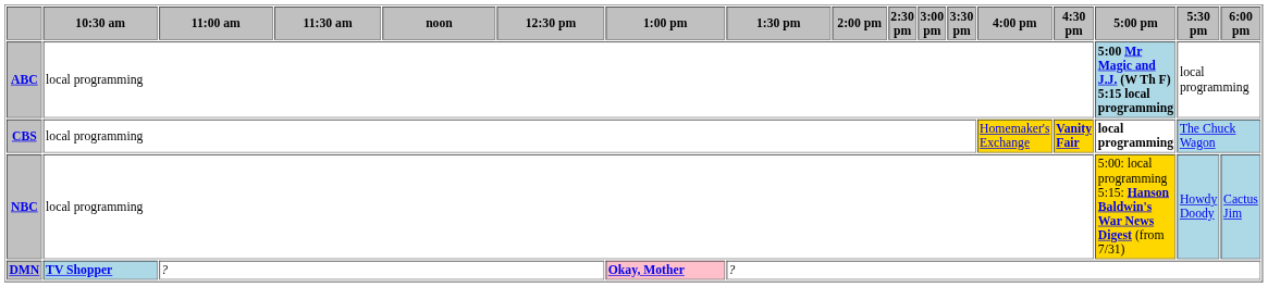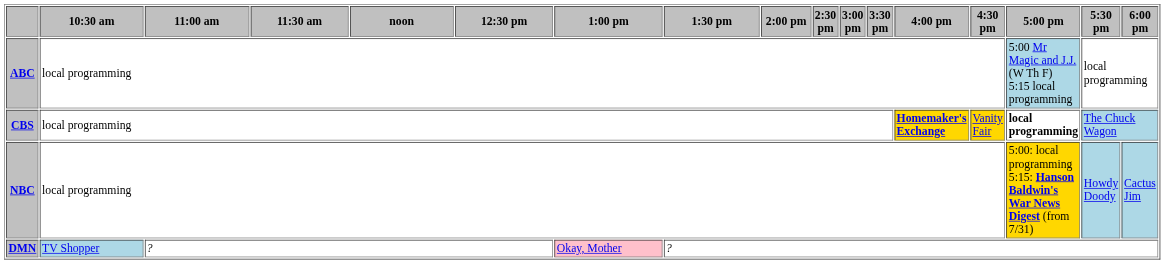 <table border="1" cellpadding="2">
 <tr>
 <th bgcolor="#C0C0C0"> </th>
 <th width="13%" bgcolor="#C0C0C0">10:30 am</th>
 <th width="14%" bgcolor="#C0C0C0">11:00 am</th>
 <th width="13%" bgcolor="#C0C0C0">11:30 am</th>
 <th width="14%" bgcolor="#C0C0C0">noon</th>
 <th width="13%" bgcolor="#C0C0C0">12:30 pm</th>
 <th width="14%" bgcolor="#C0C0C0">1:00 pm</th>
 <th width="13%" bgcolor="#C0C0C0">1:30 pm</th>
 <th width="14%" bgcolor="#C0C0C0">2:00 pm</th>
 <th width="13%" bgcolor="#C0C0C0">2:30 pm</th>
 <th width="14%" bgcolor="#C0C0C0">3:00 pm</th>
 <th width="13%" bgcolor="#C0C0C0">3:30 pm</th>
 <th width="14%" bgcolor="#C0C0C0">4:00 pm</th>
 <th width="13%" bgcolor="#C0C0C0">4:30 pm</th>
 <th width="14%" bgcolor="#C0C0C0">5:00 pm</th>
 <th width="13%" bgcolor="#C0C0C0">5:30 pm</th>
 <th width="14%" bgcolor="#C0C0C0">6:00 pm</th>
 </tr>
 <tr>
 <th bgcolor="#C0C0C0"><a href='#'>ABC</a></th>
 <td bgcolor="white" colspan="13">local programming</td>
-<td bgcolor="lightblue"><strong>5:00 <a href='#'>Mr Magic and J.J.</a> (W Th F)<br>5:15 local programming</strong></td>
+<td bgcolor="lightblue">5:00 <a href='#'>Mr Magic and J.J.</a> (W Th F)<br>5:15 local programming</td>
 <td bgcolor="white" colspan="2">local programming</td>
 </tr>
 <tr>
 <th bgcolor="#C0C0C0"><a href='#'>CBS</a></th>
 <td bgcolor="white" colspan="11">local programming</td>
-<td bgcolor="gold"><a href='#'>Homemaker's Exchange</a></td>
-<td bgcolor="gold"><strong><a href='#'>Vanity Fair</a></strong></td>
+<td bgcolor="gold"><strong><a href='#'>Homemaker's Exchange</a></strong></td>
+<td bgcolor="gold"><a href='#'>Vanity Fair</a></td>
 <td bgcolor="white"><strong>local programming</strong></td>
 <td bgcolor="lightblue" colspan="2"><a href='#'>The Chuck Wagon</a></td>
 </tr>
 <tr>
 <th bgcolor="#C0C0C0"><a href='#'>NBC</a></th>
 <td bgcolor="white" colspan="13">local programming</td>
 <td bgcolor="gold">5:00: local programming<br>5:15: <strong><a href='#'>Hanson Baldwin's War News Digest</a></strong> (from 7/31)</td>
 <td bgcolor="lightblue"><a href='#'>Howdy Doody</a></td>
 <td bgcolor="lightblue"><a href='#'>Cactus Jim</a></td>
 </tr>
 <tr>
 <th bgcolor="#C0C0C0"><a href='#'>DMN</a></th>
-<td bgcolor="lightblue"><strong><a href='#'>TV Shopper</a></strong></td>
+<td bgcolor="lightblue"><a href='#'>TV Shopper</a></td>
 <td bgcolor="white" colspan="4"><em>?</em></td>
-<td bgcolor="pink"><strong><a href='#'>Okay, Mother</a></strong></td>
+<td bgcolor="pink"><a href='#'>Okay, Mother</a></td>
 <td bgcolor="white" colspan="10"><em>?</em></td>
 </tr>
 </table>
